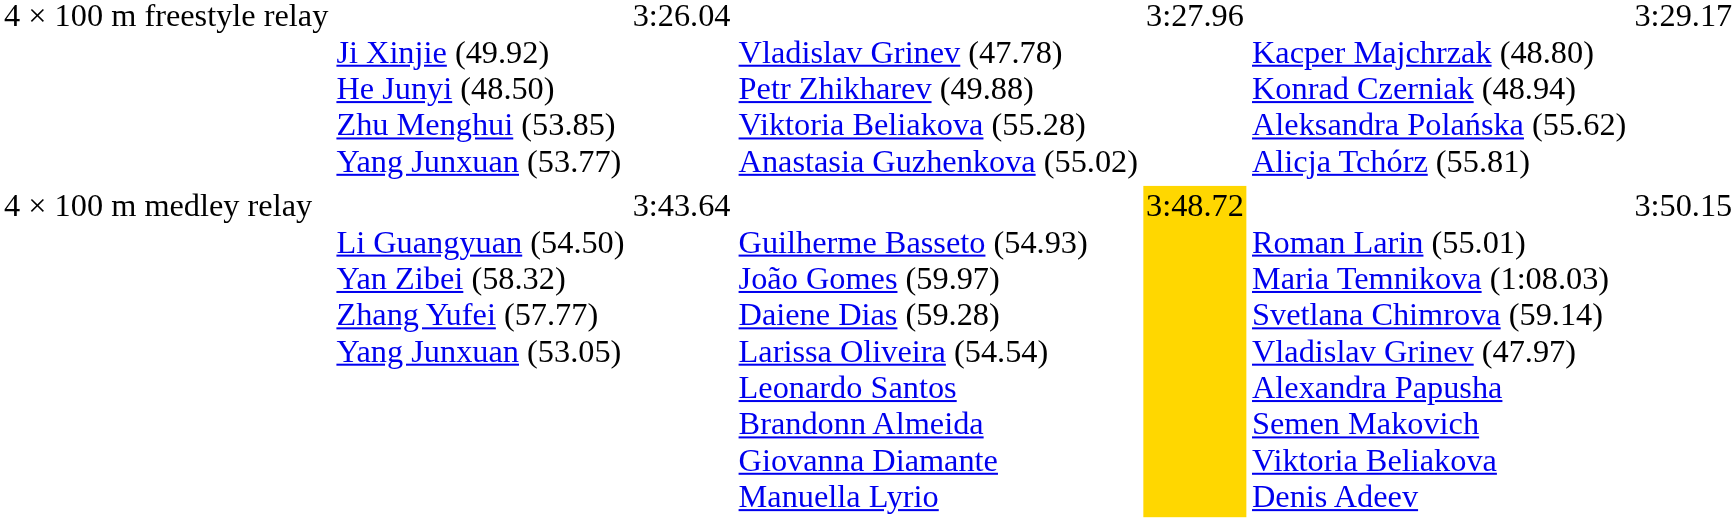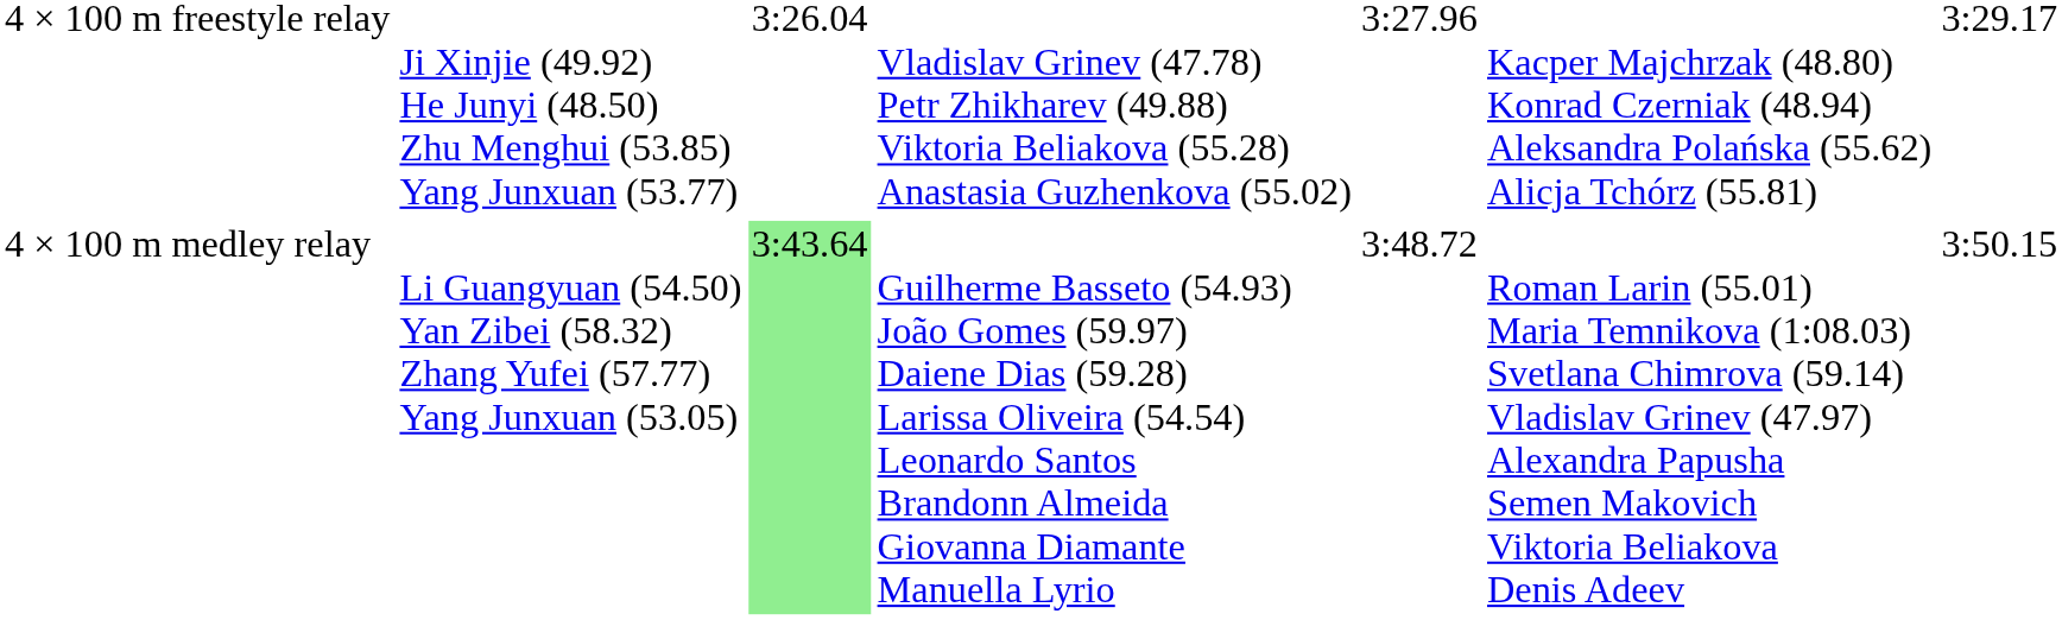 <table>
 <tr valign="top">
 <td>4 × 100 m freestyle relay<br></td>
 <td> <br><a href='#'>Ji Xinjie</a> (49.92)<br><a href='#'>He Junyi</a> (48.50)<br><a href='#'>Zhu Menghui</a> (53.85)<br><a href='#'>Yang Junxuan</a> (53.77)</td>
 <td>3:26.04</td>
 <td> <br><a href='#'>Vladislav Grinev</a> (47.78)<br><a href='#'>Petr Zhikharev</a> (49.88)<br><a href='#'>Viktoria Beliakova</a> (55.28)<br><a href='#'>Anastasia Guzhenkova</a> (55.02)</td>
 <td>3:27.96</td>
 <td> <br><a href='#'>Kacper Majchrzak</a> (48.80)<br><a href='#'>Konrad Czerniak</a> (48.94)<br><a href='#'>Aleksandra Polańska</a> (55.62)<br><a href='#'>Alicja Tchórz</a> (55.81)</td>
 <td>3:29.17</td>
 </tr>
 <tr valign="top">
 <td>4 × 100 m medley relay<br></td>
 <td> <br><a href='#'>Li Guangyuan</a> (54.50)<br><a href='#'>Yan Zibei</a> (58.32)<br><a href='#'>Zhang Yufei</a> (57.77)<br><a href='#'>Yang Junxuan</a> (53.05)</td>
-<td>3:43.64</td>
+<td style="background: lightgreen;">3:43.64</td>
 <td> <br><a href='#'>Guilherme Basseto</a> (54.93)<br><a href='#'>João Gomes</a> (59.97)<br><a href='#'>Daiene Dias</a> (59.28)<br><a href='#'>Larissa Oliveira</a> (54.54)<br><a href='#'>Leonardo Santos</a><br><a href='#'>Brandonn Almeida</a><br><a href='#'>Giovanna Diamante</a><br><a href='#'>Manuella Lyrio</a></td>
-<td style="background: gold;">3:48.72</td>
+<td>3:48.72</td>
 <td> <br><a href='#'>Roman Larin</a> (55.01)<br><a href='#'>Maria Temnikova</a> (1:08.03)<br><a href='#'>Svetlana Chimrova</a> (59.14)<br><a href='#'>Vladislav Grinev</a> (47.97)<br><a href='#'>Alexandra Papusha</a><br><a href='#'>Semen Makovich</a><br><a href='#'>Viktoria Beliakova</a><br><a href='#'>Denis Adeev</a></td>
 <td>3:50.15</td>
 </tr>
 </table>
